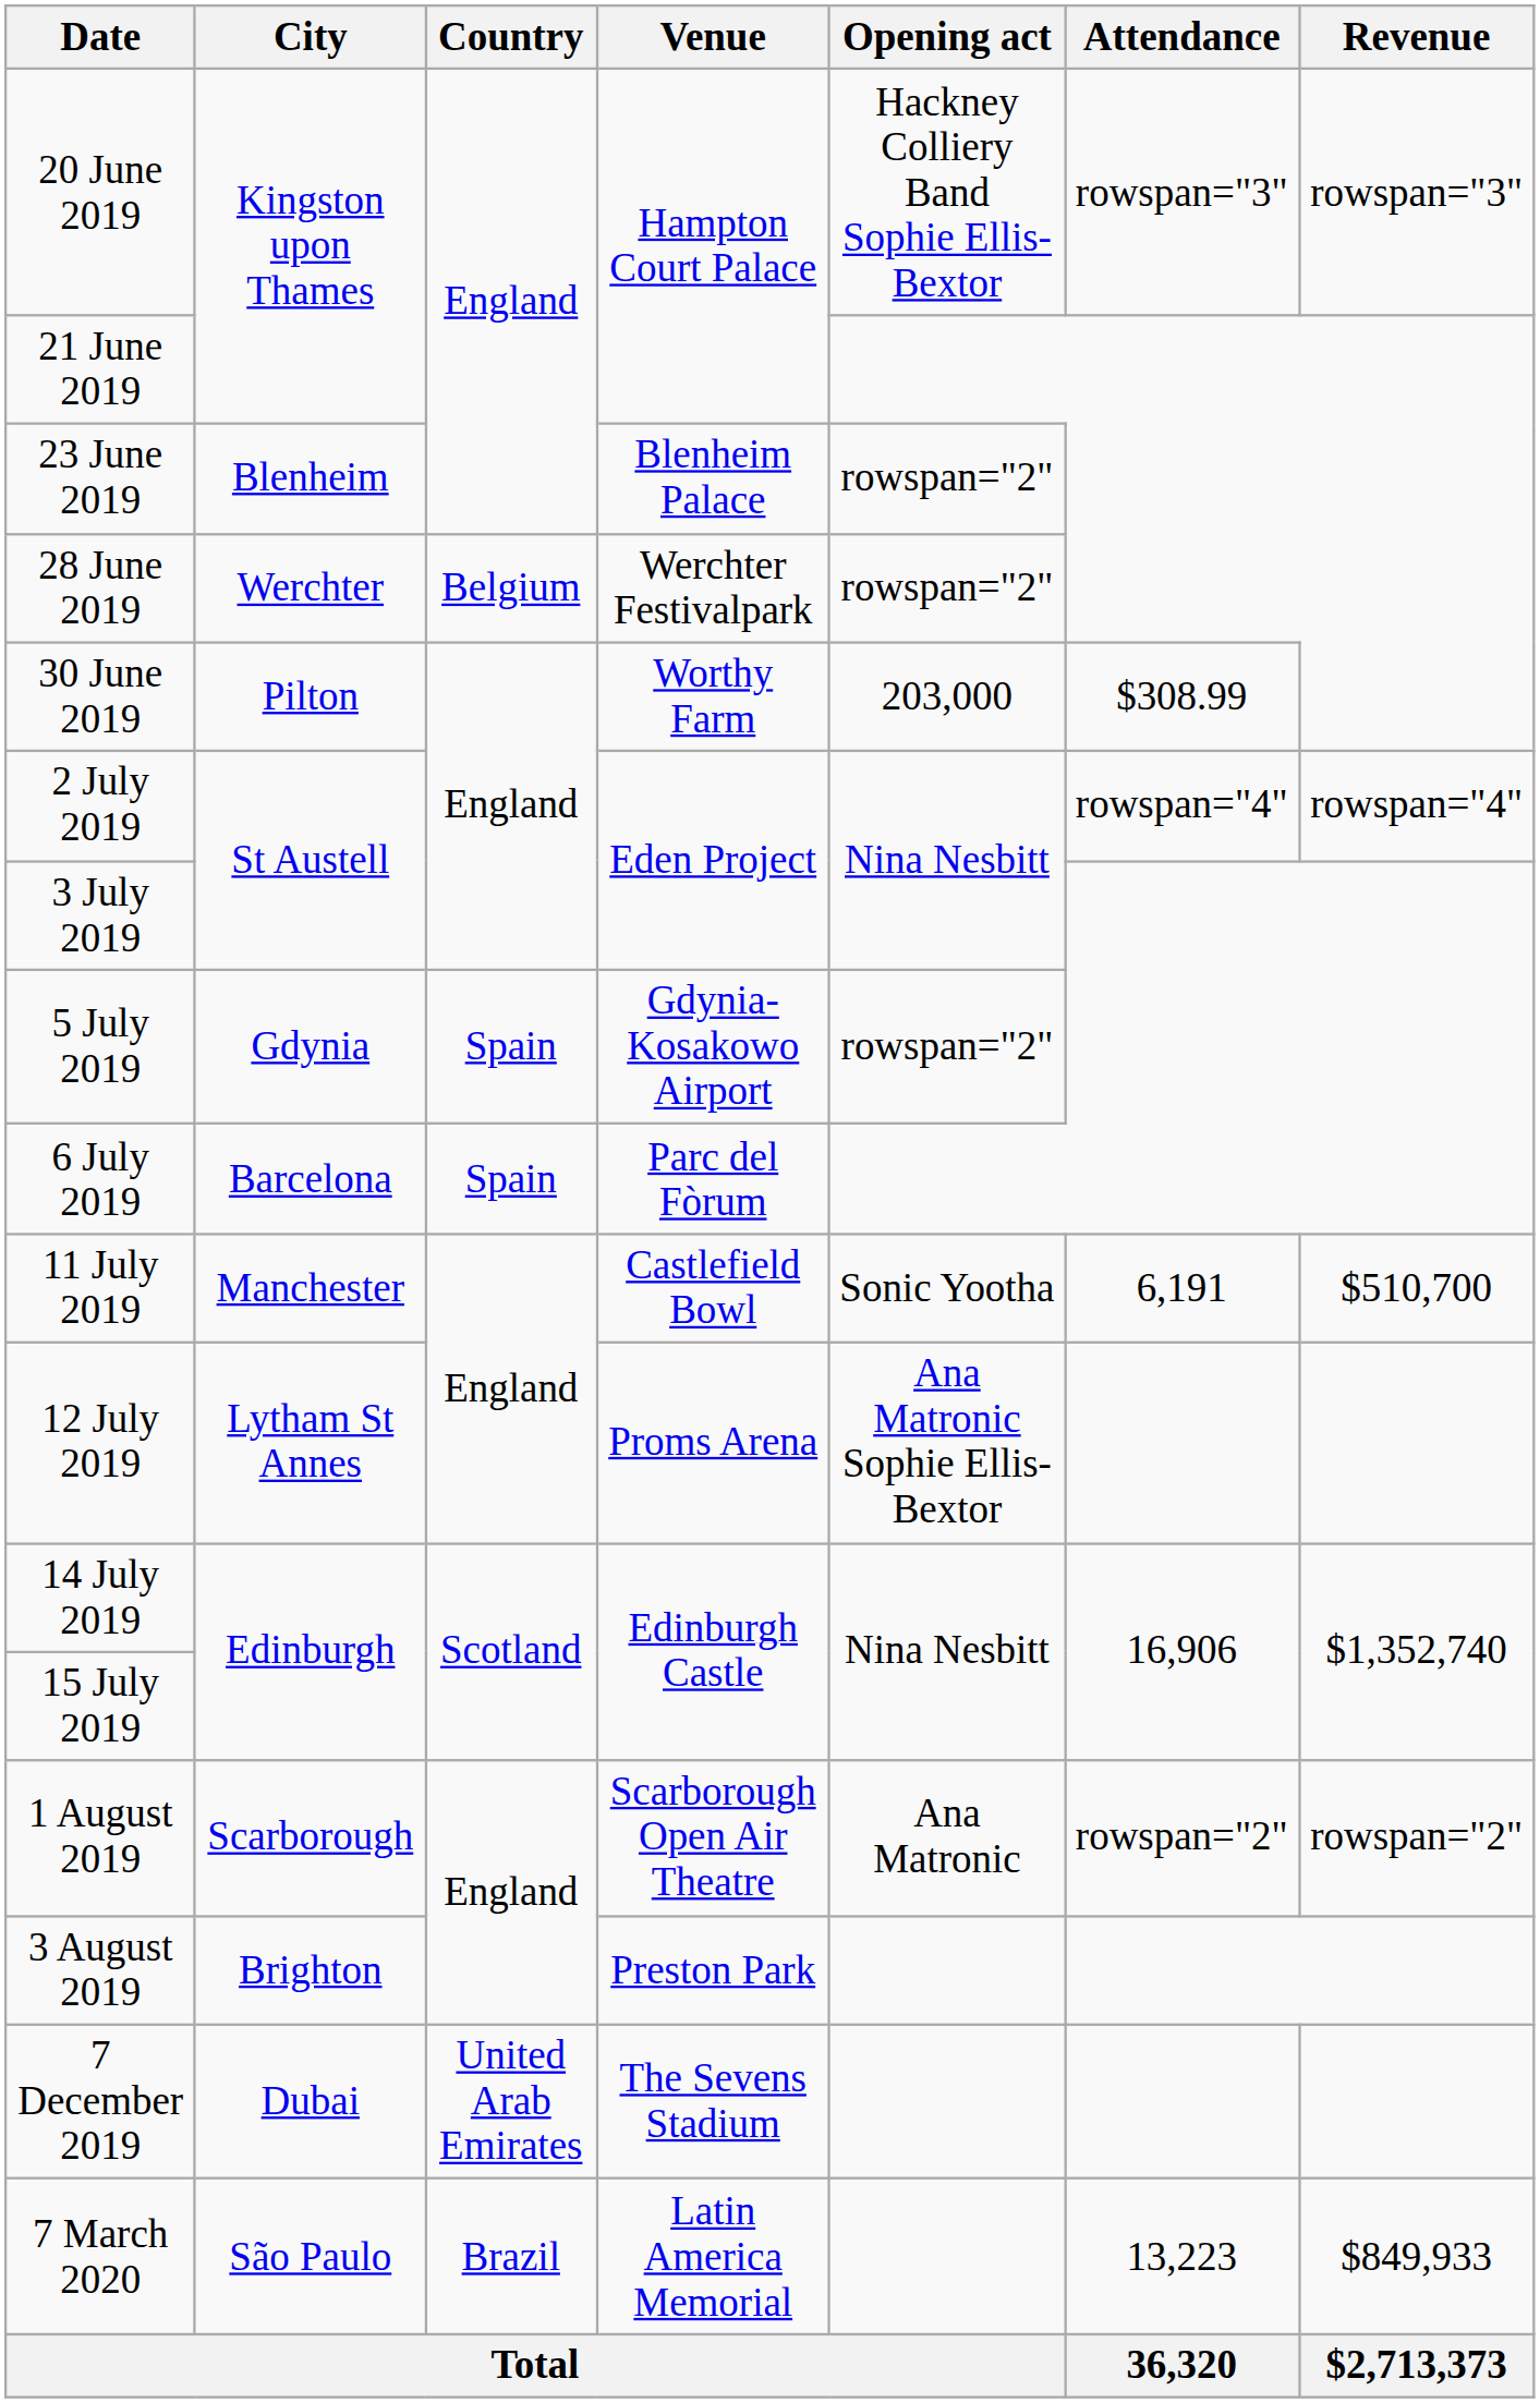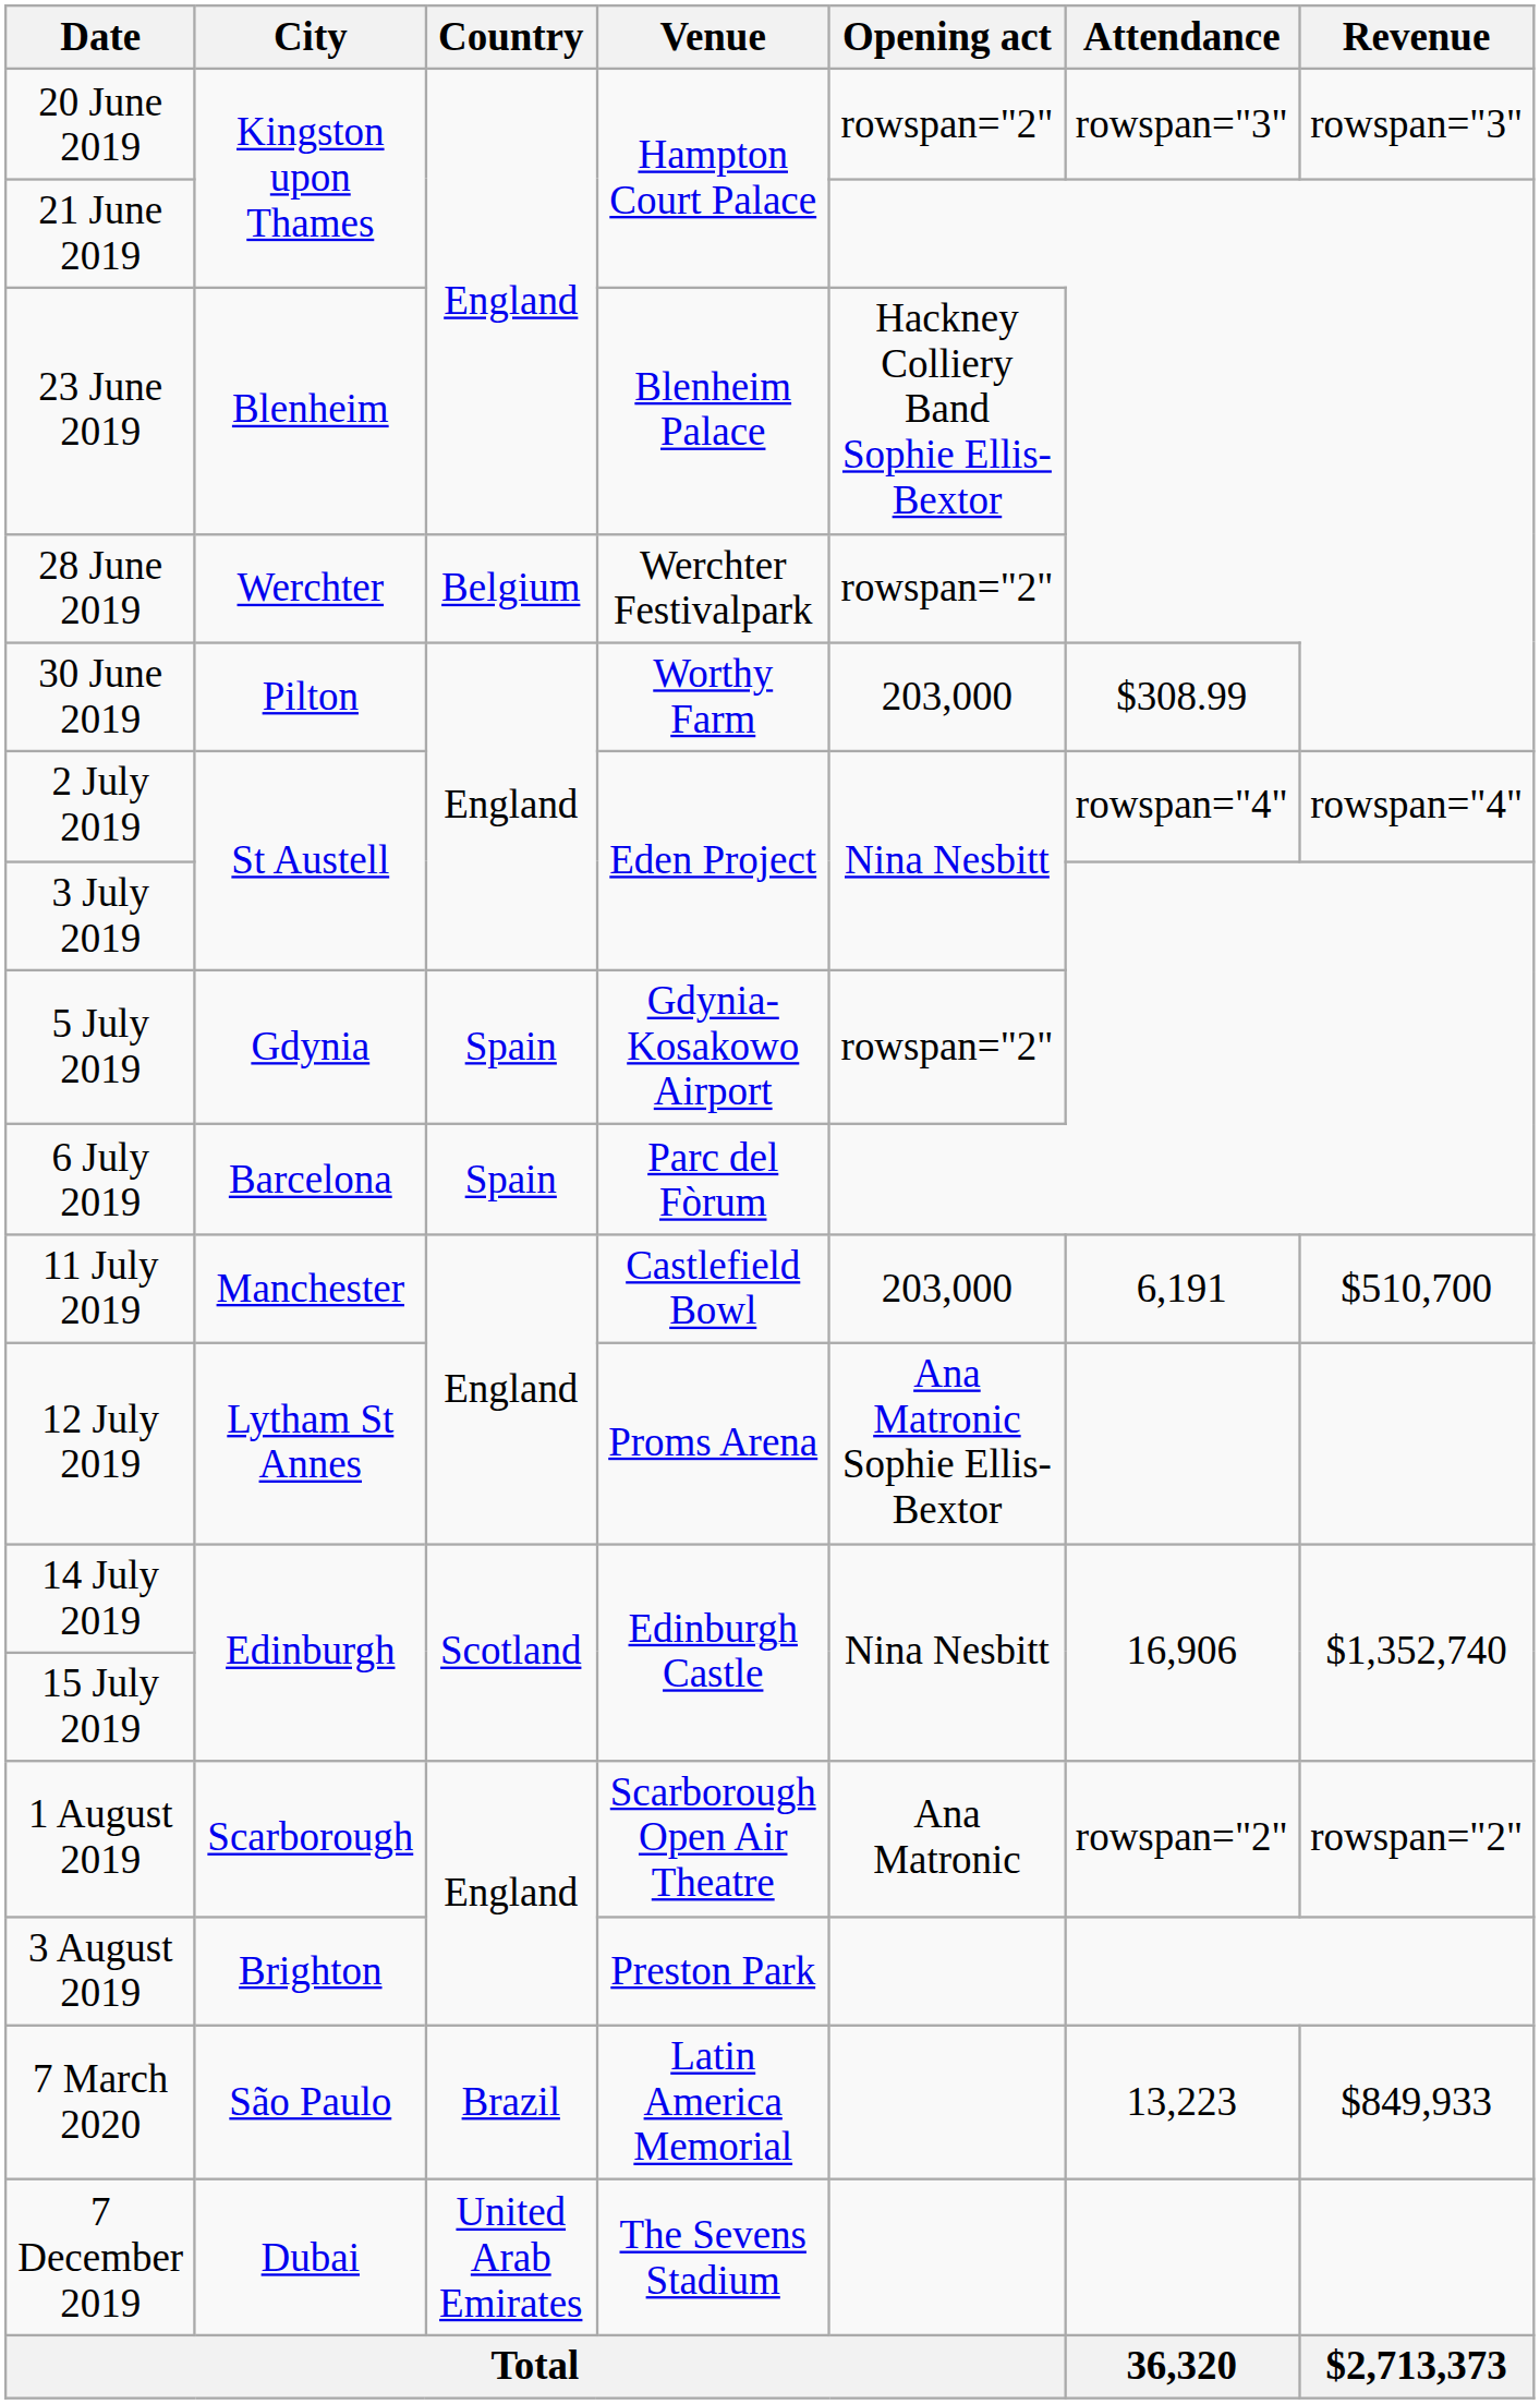 <table class="wikitable plainrowheaders" style="text-align:center;">
 <tr>
 <th scope="col" style="width:11em;">Date</th>
 <th scope="col" style="width:12em;">City</th>
 <th scope="col" style="width:12em;">Country</th>
 <th scope="col" style="width:16em;">Venue</th>
 <th scope="col" style="width:10em;">Opening act</th>
 <th scope="col" style="width:10em;">Attendance</th>
 <th scope="col" style="width:10em;">Revenue</th>
 </tr>
 <tr>
 <td>20 June 2019</td>
 <td rowspan="2"><a href='#'>Kingston upon Thames</a></td>
 <td rowspan="3"><a href='#'>England</a></td>
 <td rowspan="2"><a href='#'>Hampton Court Palace</a></td>
-<td>Hackney Colliery Band<br><a href='#'>Sophie Ellis-Bextor</a></td>
+<td>rowspan="2" </td>
 <td>rowspan="3" </td>
 <td>rowspan="3" </td>
 </tr>
 <tr>
 <td>21 June 2019</td>
 </tr>
 <tr>
 <td>23 June 2019</td>
 <td><a href='#'>Blenheim</a></td>
 <td><a href='#'>Blenheim Palace</a></td>
-<td>rowspan="2" </td>
+<td>Hackney Colliery Band<br><a href='#'>Sophie Ellis-Bextor</a></td>
 </tr>
 <tr>
 <td>28 June 2019</td>
 <td><a href='#'>Werchter</a></td>
 <td><a href='#'>Belgium</a></td>
 <td>Werchter Festivalpark</td>
 <td>rowspan="2" </td>
 </tr>
 <tr>
 <td>30 June 2019</td>
 <td><a href='#'>Pilton</a></td>
 <td rowspan="3">England</td>
 <td><a href='#'>Worthy Farm</a></td>
 <td>203,000</td>
 <td>$308.99</td>
 </tr>
 <tr>
 <td>2 July 2019</td>
 <td rowspan="2"><a href='#'>St Austell</a></td>
 <td rowspan="2"><a href='#'>Eden Project</a></td>
 <td rowspan="2"><a href='#'>Nina Nesbitt</a></td>
 <td>rowspan="4" </td>
 <td>rowspan="4" </td>
 </tr>
 <tr>
 <td>3 July 2019</td>
 </tr>
 <tr>
 <td>5 July 2019</td>
 <td><a href='#'>Gdynia</a></td>
 <td><a href='#'>Spain</a></td>
 <td><a href='#'>Gdynia-Kosakowo Airport</a></td>
 <td>rowspan="2" </td>
 </tr>
 <tr>
 <td>6 July 2019</td>
 <td><a href='#'>Barcelona</a></td>
 <td><a href='#'>Spain</a></td>
 <td><a href='#'>Parc del Fòrum</a></td>
 </tr>
 <tr>
 <td>11 July 2019</td>
 <td><a href='#'>Manchester</a></td>
 <td rowspan="2">England</td>
 <td><a href='#'>Castlefield Bowl</a></td>
-<td>Sonic Yootha</td>
+<td>203,000</td>
 <td>6,191</td>
 <td>$510,700</td>
 </tr>
 <tr>
 <td>12 July 2019</td>
 <td><a href='#'>Lytham St Annes</a></td>
 <td><a href='#'>Proms Arena</a></td>
 <td><a href='#'>Ana Matronic</a><br>Sophie Ellis-Bextor</td>
 <td></td>
 <td></td>
 </tr>
 <tr>
 <td>14 July 2019</td>
 <td rowspan="2"><a href='#'>Edinburgh</a></td>
 <td rowspan="2"><a href='#'>Scotland</a></td>
 <td rowspan="2"><a href='#'>Edinburgh Castle</a></td>
 <td rowspan="2">Nina Nesbitt</td>
 <td rowspan="2">16,906</td>
 <td rowspan="2">$1,352,740</td>
 </tr>
 <tr>
 <td>15 July 2019</td>
 </tr>
 <tr>
 <td>1 August 2019</td>
 <td><a href='#'>Scarborough</a></td>
 <td rowspan="2">England</td>
 <td><a href='#'>Scarborough Open Air Theatre</a></td>
 <td>Ana Matronic</td>
 <td>rowspan="2" </td>
 <td>rowspan="2" </td>
 </tr>
 <tr>
 <td>3 August 2019</td>
 <td><a href='#'>Brighton</a></td>
 <td><a href='#'>Preston Park</a></td>
 <td></td>
 </tr>
 <tr>
+<td>7 March 2020</td>
+<td><a href='#'>São Paulo</a></td>
+<td><a href='#'>Brazil</a></td>
+<td><a href='#'>Latin America Memorial</a></td>
+<td></td>
+<td>13,223</td>
+<td>$849,933</td>
+</tr>
+<tr>
 <td>7 December 2019</td>
 <td><a href='#'>Dubai</a></td>
 <td><a href='#'>United Arab Emirates</a></td>
 <td><a href='#'>The Sevens Stadium</a></td>
 <td></td>
 <td></td>
 <td></td>
 </tr>
 <tr>
-<td>7 March 2020</td>
-<td><a href='#'>São Paulo</a></td>
-<td><a href='#'>Brazil</a></td>
-<td><a href='#'>Latin America Memorial</a></td>
-<td></td>
-<td>13,223</td>
-<td>$849,933</td>
-</tr>
-<tr>
 <th colspan="5">Total</th>
 <th>36,320</th>
 <th>$2,713,373</th>
 </tr>
 </table>
